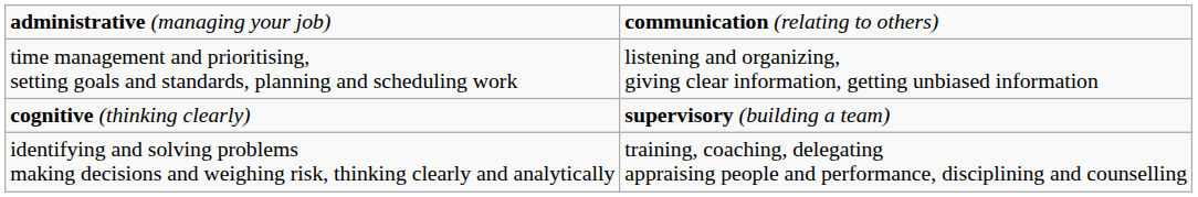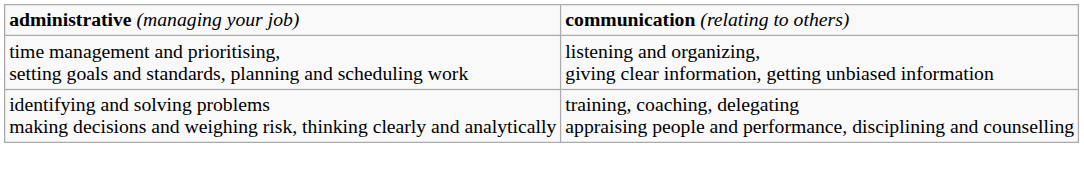 <table class="wikitable" border="1">
 <tr>
 <td><strong>administrative</strong> <em>(managing your job)</em></td>
 <td><strong>communication</strong> <em>(relating to others)</em></td>
 </tr>
 <tr>
 <td>time management and prioritising,<br>setting goals and standards, planning and scheduling work</td>
 <td>listening and organizing,<br>giving clear information, getting unbiased information</td>
 </tr>
 <tr>
-<td><strong>cognitive</strong> <em>(thinking clearly)</em></td>
-<td><strong>supervisory</strong> <em>(building a team)</em></td>
-</tr>
-<tr>
 <td>identifying and solving problems<br>making decisions and weighing risk, thinking clearly and analytically</td>
 <td>training, coaching, delegating<br>appraising people and performance, disciplining and counselling</td>
 </tr>
 </table>
